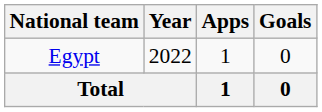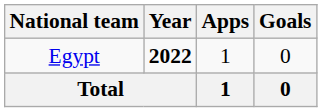 <table class="wikitable" style="text-align:center">
 <tr>
 <th>National team</th>
 <th>Year</th>
 <th>Apps</th>
 <th>Goals</th>
 </tr>
 <tr>
 <td><a href='#'>Egypt</a></td>
-<td>2022</td>
+<td><strong>2022</strong></td>
 <td>1</td>
 <td>0</td>
 </tr>
 <tr>
 <th colspan="2">Total</th>
 <th>1</th>
 <th>0</th>
 </tr>
 </table>
